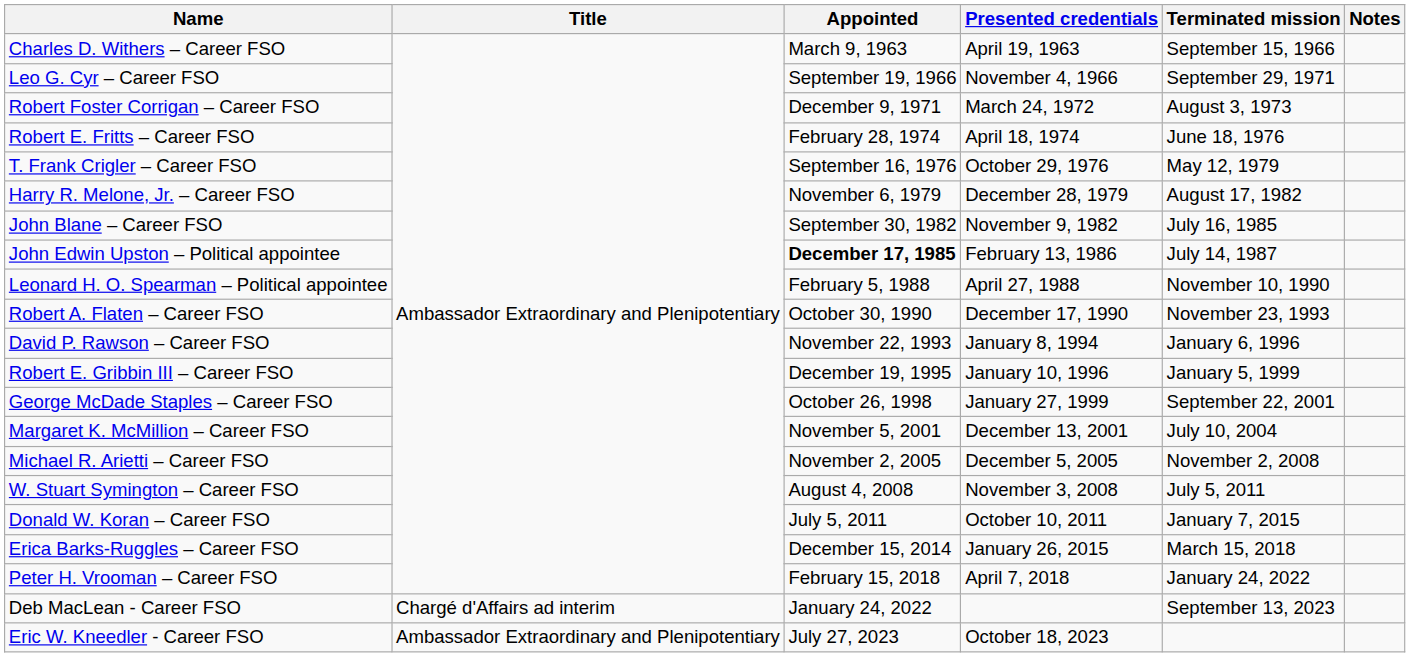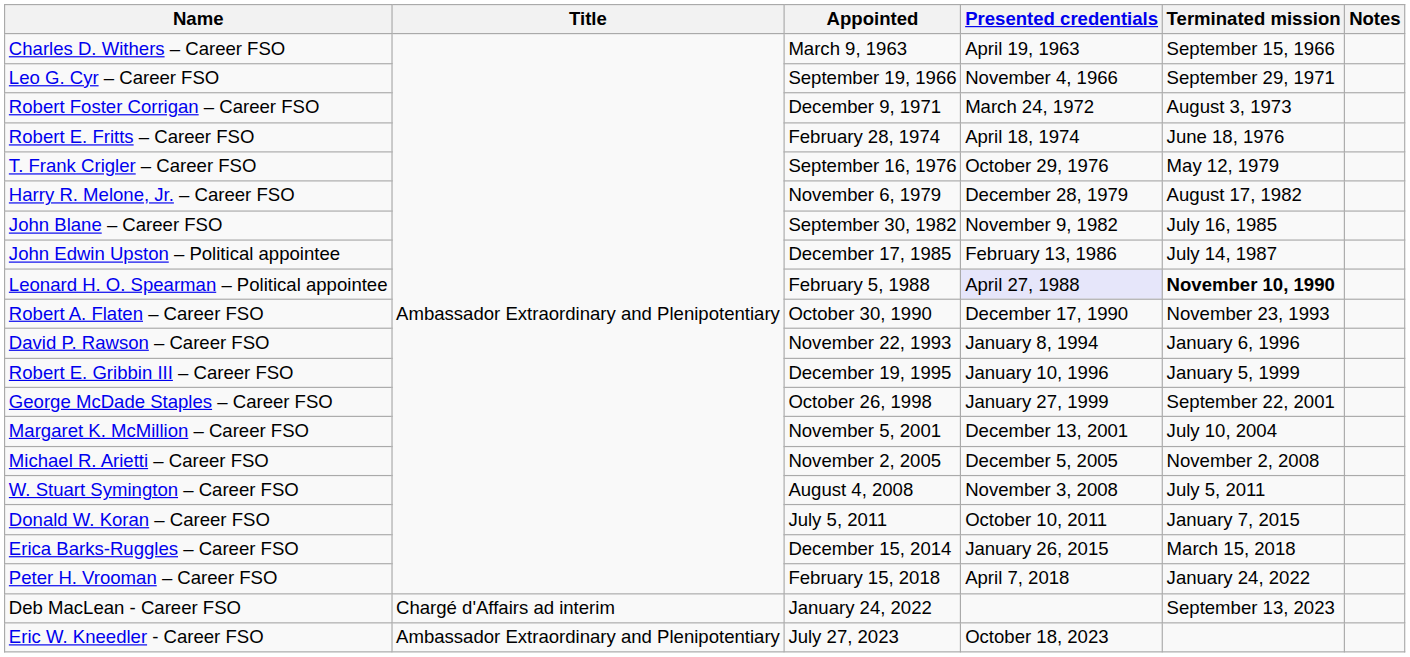 <table class="wikitable">
 <tr>
 <th>Name</th>
 <th>Title</th>
 <th>Appointed</th>
 <th><a href='#'>Presented credentials</a></th>
 <th>Terminated mission</th>
 <th>Notes</th>
 </tr>
 <tr>
 <td><a href='#'>Charles D. Withers</a> – Career FSO</td>
 <td rowspan="19">Ambassador Extraordinary and Plenipotentiary</td>
 <td>March 9, 1963</td>
 <td>April 19, 1963</td>
 <td>September 15, 1966</td>
 <td></td>
 </tr>
 <tr>
 <td><a href='#'>Leo G. Cyr</a> – Career FSO</td>
 <td>September 19, 1966</td>
 <td>November 4, 1966</td>
 <td>September 29, 1971</td>
 <td></td>
 </tr>
 <tr>
 <td><a href='#'>Robert Foster Corrigan</a> – Career FSO</td>
 <td>December 9, 1971</td>
 <td>March 24, 1972</td>
 <td>August 3, 1973</td>
 <td></td>
 </tr>
 <tr>
 <td><a href='#'>Robert E. Fritts</a> – Career FSO</td>
 <td>February 28, 1974</td>
 <td>April 18, 1974</td>
 <td>June 18, 1976</td>
 <td></td>
 </tr>
 <tr>
 <td><a href='#'>T. Frank Crigler</a> – Career FSO</td>
 <td>September 16, 1976</td>
 <td>October 29, 1976</td>
 <td>May 12, 1979</td>
 <td></td>
 </tr>
 <tr>
 <td><a href='#'>Harry R. Melone, Jr.</a> – Career FSO</td>
 <td>November 6, 1979</td>
 <td>December 28, 1979</td>
 <td>August 17, 1982</td>
 <td></td>
 </tr>
 <tr>
 <td><a href='#'>John Blane</a> – Career FSO</td>
 <td>September 30, 1982</td>
 <td>November 9, 1982</td>
 <td>July 16, 1985</td>
 <td></td>
 </tr>
 <tr>
 <td><a href='#'>John Edwin Upston</a> – Political appointee</td>
-<td><strong>December 17, 1985</strong></td>
+<td>December 17, 1985</td>
 <td>February 13, 1986</td>
 <td>July 14, 1987</td>
 <td></td>
 </tr>
 <tr>
 <td><a href='#'>Leonard H. O. Spearman</a> – Political appointee</td>
 <td>February 5, 1988</td>
-<td>April 27, 1988</td>
-<td>November 10, 1990</td>
+<td style="background: lavender;">April 27, 1988</td>
+<td><strong>November 10, 1990</strong></td>
 <td></td>
 </tr>
 <tr>
 <td><a href='#'>Robert A. Flaten</a> – Career FSO</td>
 <td>October 30, 1990</td>
 <td>December 17, 1990</td>
 <td>November 23, 1993</td>
 <td></td>
 </tr>
 <tr>
 <td><a href='#'>David P. Rawson</a> – Career FSO</td>
 <td>November 22, 1993</td>
 <td>January 8, 1994</td>
 <td>January 6, 1996</td>
 <td></td>
 </tr>
 <tr>
 <td><a href='#'>Robert E. Gribbin III</a> – Career FSO</td>
 <td>December 19, 1995</td>
 <td>January 10, 1996</td>
 <td>January 5, 1999</td>
 <td></td>
 </tr>
 <tr>
 <td><a href='#'>George McDade Staples</a> – Career FSO</td>
 <td>October 26, 1998</td>
 <td>January 27, 1999</td>
 <td>September 22, 2001</td>
 <td></td>
 </tr>
 <tr>
 <td><a href='#'>Margaret K. McMillion</a> – Career FSO</td>
 <td>November 5, 2001</td>
 <td>December 13, 2001</td>
 <td>July 10, 2004</td>
 <td></td>
 </tr>
 <tr>
 <td><a href='#'>Michael R. Arietti</a> – Career FSO</td>
 <td>November 2, 2005</td>
 <td>December 5, 2005</td>
 <td>November 2, 2008</td>
 <td></td>
 </tr>
 <tr>
 <td><a href='#'>W. Stuart Symington</a> – Career FSO</td>
 <td>August 4, 2008</td>
 <td>November 3, 2008</td>
 <td>July 5, 2011</td>
 <td></td>
 </tr>
 <tr>
 <td><a href='#'>Donald W. Koran</a> – Career FSO</td>
 <td>July 5, 2011</td>
 <td>October 10, 2011</td>
 <td>January 7, 2015</td>
 <td></td>
 </tr>
 <tr>
 <td><a href='#'>Erica Barks-Ruggles</a> – Career FSO</td>
 <td>December 15, 2014</td>
 <td>January 26, 2015</td>
 <td>March 15, 2018</td>
 <td></td>
 </tr>
 <tr>
 <td><a href='#'>Peter H. Vrooman</a> – Career FSO</td>
 <td>February 15, 2018</td>
 <td>April 7, 2018</td>
 <td>January 24, 2022</td>
 <td></td>
 </tr>
 <tr>
 <td>Deb MacLean - Career FSO</td>
 <td>Chargé d'Affairs ad interim</td>
 <td>January 24, 2022</td>
 <td></td>
 <td>September 13, 2023</td>
 <td></td>
 </tr>
 <tr>
 <td><a href='#'>Eric W. Kneedler</a> - Career FSO</td>
 <td>Ambassador Extraordinary and Plenipotentiary</td>
 <td>July 27, 2023</td>
 <td>October 18, 2023</td>
 <td></td>
 </tr>
 </table>
